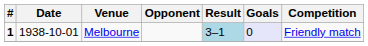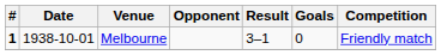 <table class="wikitable">
 <tr>
 <th>#</th>
 <th>Date</th>
 <th>Venue</th>
 <th>Opponent</th>
 <th>Result</th>
 <th>Goals</th>
 <th>Competition</th>
 </tr>
 <tr>
 <td><strong>1</strong></td>
 <td>1938-10-01</td>
 <td><a href='#'>Melbourne</a></td>
 <td></td>
-<td style="background: lightblue;">3–1</td>
-<td style="background: lavender;">0</td>
+<td>3–1</td>
+<td>0</td>
 <td><a href='#'>Friendly match</a></td>
 </tr>
 <tr>
 </tr>
 </table>
